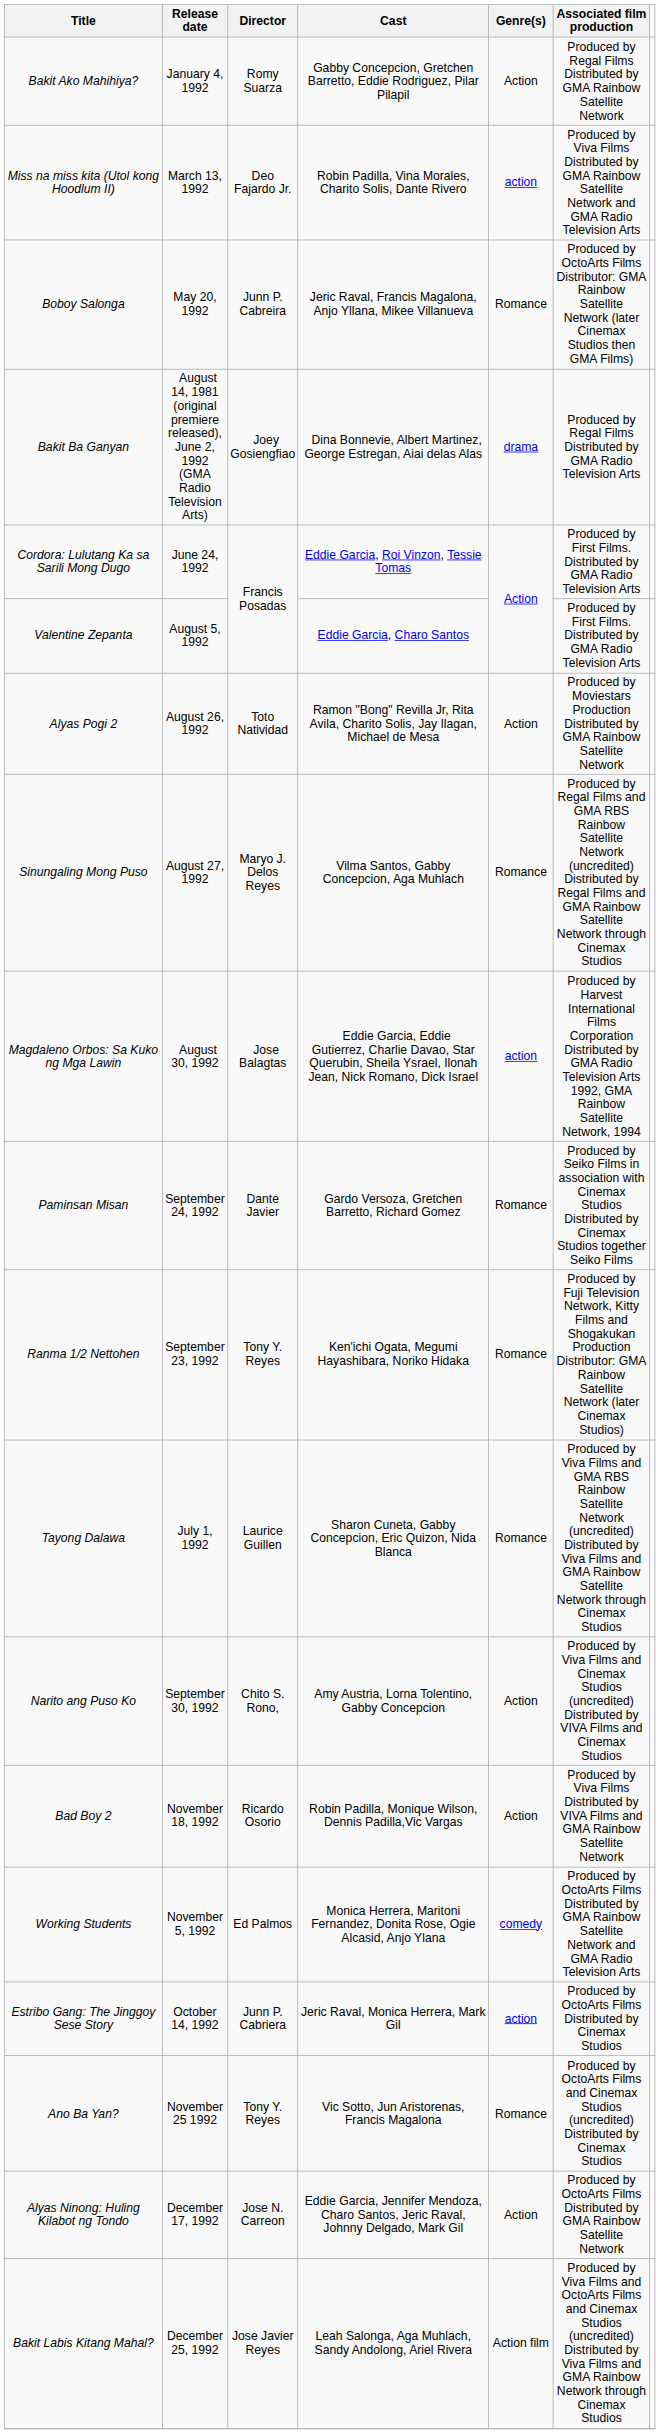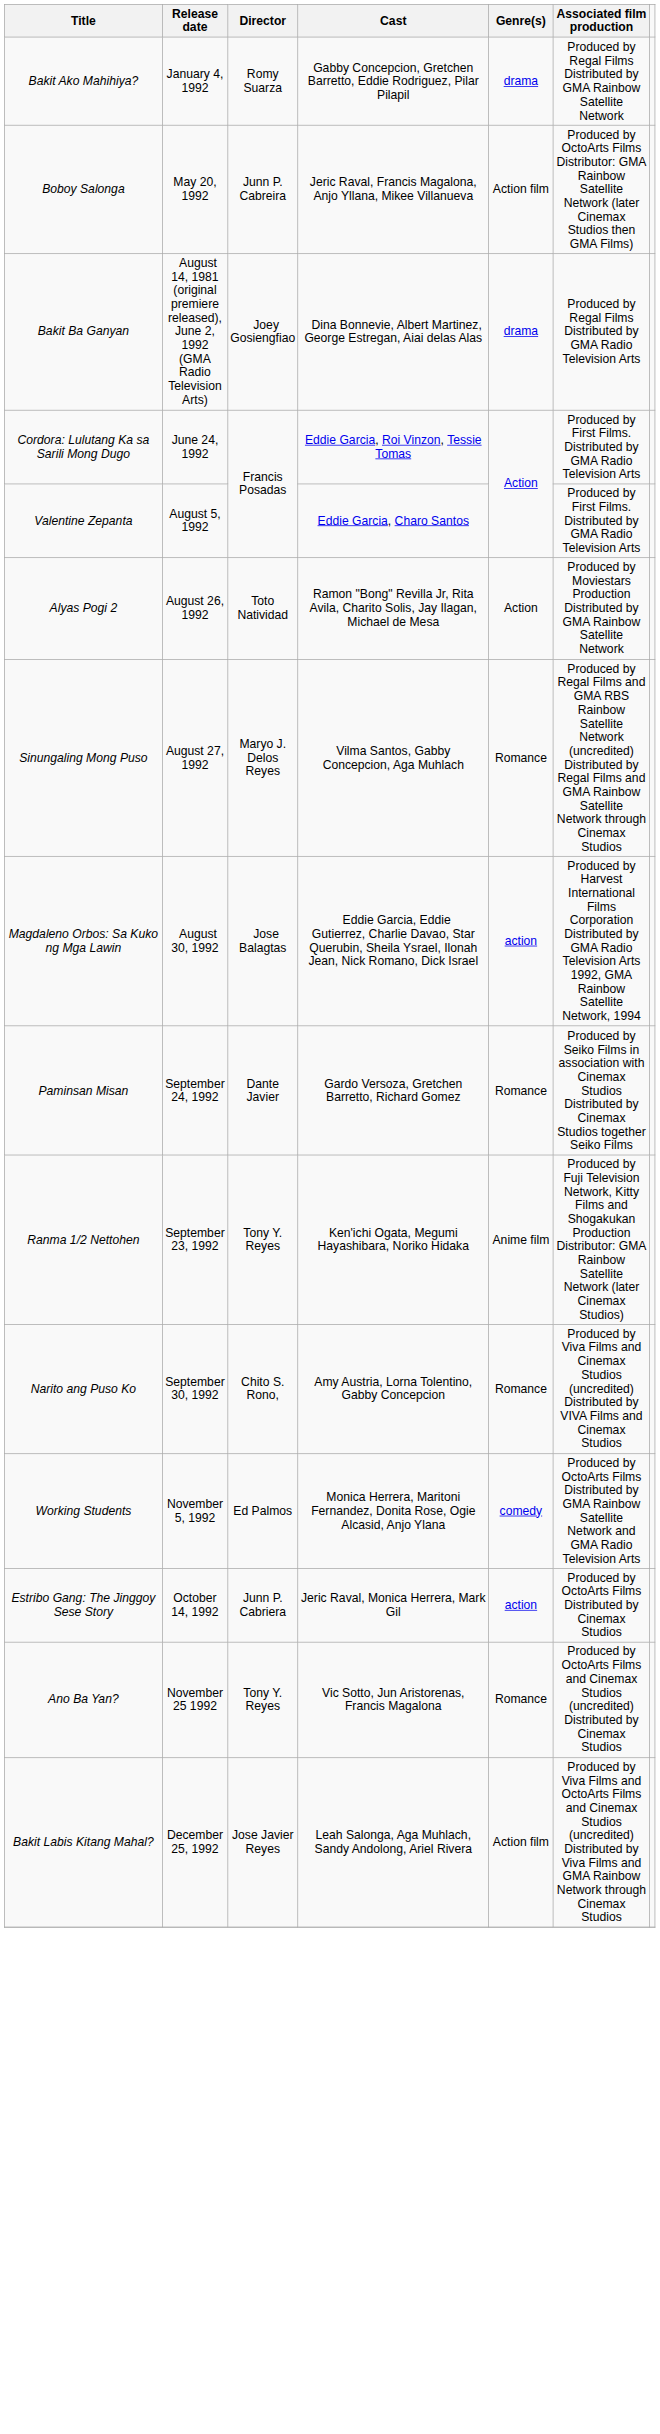 <table class="wikitable" "toccolours sortable" style="width:97%; text-align:center">
 <tr>
 <th style="width:25%;">Title</th>
 <th style="width:10%;">Release date</th>
 <th style="width:10%;">Director</th>
 <th style="width:30%;">Cast</th>
 <th style="width:10%;">Genre(s)</th>
 <th style="width:15%;">Associated film production</th>
 <td></td>
 </tr>
 <tr>
 <td><em>Bakit Ako Mahihiya?</em></td>
 <td>January 4, 1992</td>
 <td>Romy Suarza</td>
 <td>Gabby Concepcion, Gretchen Barretto, Eddie Rodriguez, Pilar Pilapil</td>
-<td>Action</td>
+<td><a href='#'>drama</a></td>
 <td>Produced by Regal Films<br>Distributed by GMA Rainbow Satellite Network  </td>
-<td></td>
-</tr>
-<tr>
-<td><em>Miss na miss kita (Utol kong Hoodlum II)</em></td>
-<td>March 13, 1992</td>
-<td>Deo Fajardo Jr.</td>
-<td>Robin Padilla, Vina Morales, Charito Solis, Dante Rivero</td>
-<td><a href='#'>action</a></td>
-<td>Produced by Viva Films<br>Distributed by GMA Rainbow Satellite Network and GMA Radio Television Arts  </td>
 <td></td>
 </tr>
 <tr>
 <td><em>Boboy Salonga</em></td>
 <td>May 20, 1992</td>
 <td>Junn P. Cabreira</td>
 <td>Jeric Raval, Francis Magalona, Anjo Yllana, Mikee Villanueva</td>
-<td>Romance</td>
+<td>Action film</td>
 <td>Produced by OctoArts Films<br>Distributor:  GMA Rainbow Satellite Network (later Cinemax Studios then GMA Films)</td>
 <td></td>
 </tr>
 <tr>
 <td><em>Bakit Ba Ganyan</em></td>
 <td>  August 14, 1981 (original premiere released), June 2, 1992 (GMA Radio Television Arts)</td>
 <td>  Joey Gosiengfiao</td>
 <td>  Dina Bonnevie, Albert Martinez, George Estregan, Aiai delas Alas</td>
 <td><a href='#'>drama</a></td>
 <td>Produced by Regal Films<br>Distributed by GMA Radio Television Arts </td>
 <td></td>
 </tr>
 <tr>
 <td><em>Cordora: Lulutang Ka sa Sarili Mong Dugo</em></td>
 <td>June 24, 1992</td>
 <td rowspan="2">Francis Posadas</td>
 <td><a href='#'>Eddie Garcia</a>, <a href='#'>Roi Vinzon</a>, <a href='#'>Tessie Tomas</a></td>
 <td rowspan="2"><a href='#'>Action</a></td>
 <td>Produced by First Films. Distributed by GMA Radio Television Arts</td>
 <td></td>
 </tr>
 <tr>
 <td><em>Valentine Zepanta</em></td>
 <td>August 5, 1992</td>
 <td><a href='#'>Eddie Garcia</a>, <a href='#'>Charo Santos</a></td>
 <td>Produced by First Films. Distributed by GMA Radio Television Arts</td>
 <td></td>
 </tr>
 <tr>
 <td><em>Alyas Pogi 2</em></td>
 <td>August 26, 1992</td>
 <td>Toto Natividad</td>
 <td>Ramon "Bong" Revilla Jr, Rita Avila, Charito Solis, Jay Ilagan, Michael de Mesa</td>
 <td>Action</td>
 <td>Produced by Moviestars Production<br>Distributed by GMA Rainbow Satellite Network  </td>
 <td></td>
 </tr>
 <tr>
 <td><em>Sinungaling Mong Puso</em></td>
 <td>August 27, 1992</td>
 <td>Maryo J. Delos Reyes</td>
 <td>Vilma Santos, Gabby Concepcion, Aga Muhlach</td>
 <td>Romance</td>
 <td>Produced by Regal Films and GMA RBS Rainbow Satellite Network (uncredited)<br>Distributed by Regal Films and GMA Rainbow Satellite Network through Cinemax Studios </td>
 <td></td>
 </tr>
 <tr>
 <td><em>Magdaleno Orbos: Sa Kuko ng Mga Lawin</em></td>
 <td>  August 30, 1992</td>
 <td>  Jose Balagtas</td>
 <td>  Eddie Garcia, Eddie Gutierrez, Charlie Davao, Star Querubin, Sheila Ysrael, Ilonah Jean, Nick Romano, Dick Israel</td>
 <td><a href='#'>action</a></td>
 <td>Produced by Harvest International Films Corporation<br>Distributed by GMA Radio Television  Arts 1992, GMA Rainbow Satellite Network, 1994 </td>
 <td></td>
 </tr>
 <tr>
 <td><em>Paminsan Misan</em></td>
 <td>September 24, 1992</td>
 <td>Dante Javier</td>
 <td>Gardo Versoza, Gretchen Barretto, Richard Gomez</td>
 <td>Romance</td>
 <td>Produced by Seiko Films in association with Cinemax Studios<br>Distributed by Cinemax  Studios together Seiko Films  </td>
 <td></td>
 </tr>
 <tr>
 <td><em>Ranma 1/2 Nettohen</em></td>
 <td>September 23, 1992</td>
 <td>Tony Y. Reyes</td>
 <td>Ken'ichi Ogata, Megumi Hayashibara, Noriko Hidaka</td>
-<td>Romance</td>
+<td>Anime film</td>
 <td>Produced by Fuji Television Network, Kitty Films and Shogakukan Production<br>Distributor:  GMA Rainbow  Satellite Network (later Cinemax Studios)</td>
-<td></td>
-</tr>
-<tr>
-<td><em>Tayong Dalawa</em></td>
-<td>July 1, 1992</td>
-<td>Laurice Guillen</td>
-<td>Sharon Cuneta, Gabby Concepcion, Eric Quizon, Nida Blanca</td>
-<td>Romance</td>
-<td>Produced by Viva Films and GMA RBS Rainbow Satellite Network (uncredited)<br>Distributed by Viva Films and GMA Rainbow Satellite Network through Cinemax Studios </td>
 <td></td>
 </tr>
 <tr>
 <td><em>Narito ang Puso Ko</em></td>
 <td>September 30, 1992</td>
 <td>Chito S. Rono,</td>
 <td>Amy Austria, Lorna  Tolentino, Gabby Concepcion</td>
-<td>Action</td>
+<td>Romance</td>
 <td>Produced by Viva Films and Cinemax Studios (uncredited)<br>Distributed by VIVA Films and Cinemax  Studios </td>
-<td></td>
-</tr>
-<tr>
-<td><em>Bad Boy 2</em></td>
-<td>November 18, 1992</td>
-<td>Ricardo Osorio</td>
-<td>Robin Padilla, Monique Wilson, Dennis Padilla,Vic Vargas</td>
-<td>Action</td>
-<td>Produced by Viva Films<br>Distributed by VIVA Films and GMA Rainbow Satellite Network  </td>
 <td></td>
 </tr>
 <tr>
 <td><em>Working Students</em></td>
 <td>November 5, 1992</td>
 <td>Ed Palmos</td>
 <td>Monica Herrera, Maritoni Fernandez, Donita Rose, Ogie Alcasid, Anjo Ylana</td>
 <td><a href='#'>comedy</a></td>
 <td>Produced by OctoArts Films<br>Distributed by GMA Rainbow Satellite Network and GMA Radio Television Arts  </td>
 <td></td>
 </tr>
 <tr>
 <td><em>Estribo Gang: The Jinggoy Sese Story</em></td>
 <td>October 14, 1992</td>
 <td>Junn P. Cabriera</td>
 <td>Jeric Raval,  Monica Herrera, Mark Gil</td>
 <td><a href='#'>action</a></td>
 <td>Produced by OctoArts Films<br>Distributed by Cinemax Studios </td>
 <td></td>
 </tr>
 <tr>
 <td><em>Ano Ba Yan?</em></td>
 <td>November 25 1992</td>
 <td>Tony Y. Reyes</td>
 <td>Vic Sotto, Jun Aristorenas, Francis Magalona</td>
 <td>Romance</td>
 <td>Produced by OctoArts Films and Cinemax Studios (uncredited)<br>Distributed by Cinemax Studios </td>
 <td></td>
 </tr>
 <tr>
-<td><em>Alyas Ninong: Huling Kilabot ng Tondo</em></td>
-<td>December 17, 1992</td>
-<td>Jose N. Carreon</td>
-<td>Eddie Garcia, Jennifer Mendoza, Charo Santos, Jeric Raval, Johnny Delgado, Mark Gil</td>
-<td>Action</td>
-<td>Produced by OctoArts Films<br>Distributed by GMA Rainbow Satellite Network  </td>
-<td></td>
-</tr>
-<tr>
 <td><em>Bakit Labis Kitang Mahal?</em></td>
 <td>December 25, 1992</td>
 <td>Jose Javier Reyes</td>
 <td>Leah Salonga, Aga Muhlach,  Sandy Andolong, Ariel Rivera</td>
 <td>Action film</td>
 <td>Produced by Viva Films and OctoArts Films and Cinemax Studios (uncredited)<br>Distributed by Viva Films and GMA Rainbow Network through Cinemax Studios </td>
 <td></td>
 </tr>
 <tr>
 </tr>
 </table>
